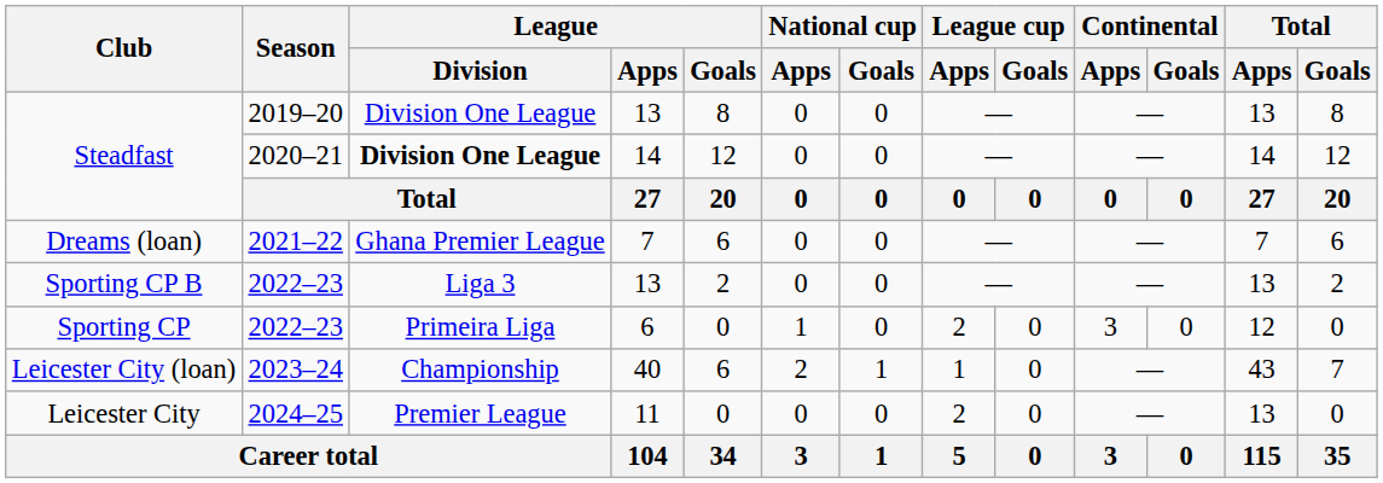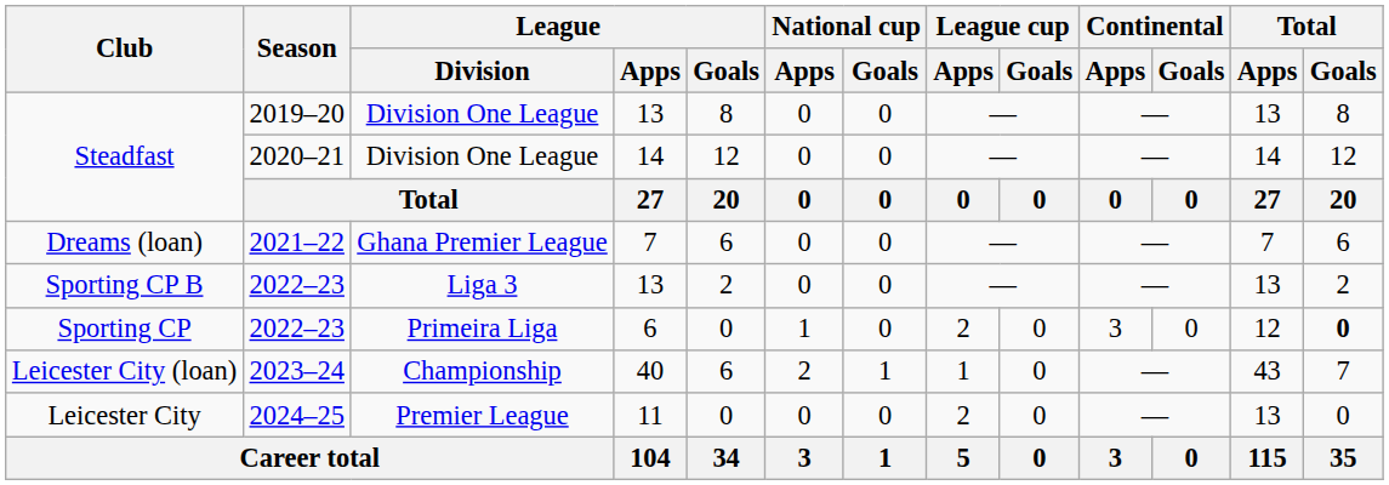 <table class="wikitable" style="text-align:center">
 <tr>
 <th rowspan="2">Club</th>
 <th rowspan="2">Season</th>
 <th colspan="3">League</th>
 <th colspan="2">National cup</th>
 <th colspan="2">League cup</th>
 <th colspan="2">Continental</th>
 <th colspan="2">Total</th>
 </tr>
 <tr>
 <th>Division</th>
 <th>Apps</th>
 <th>Goals</th>
 <th>Apps</th>
 <th>Goals</th>
 <th>Apps</th>
 <th>Goals</th>
 <th>Apps</th>
 <th>Goals</th>
 <th>Apps</th>
 <th>Goals</th>
 </tr>
 <tr>
 <td rowspan="3"><a href='#'>Steadfast</a></td>
 <td>2019–20</td>
 <td><a href='#'>Division One League</a></td>
 <td>13</td>
 <td>8</td>
 <td>0</td>
 <td>0</td>
 <td colspan="2">—</td>
 <td colspan="2">—</td>
 <td>13</td>
 <td>8</td>
 </tr>
 <tr>
 <td>2020–21</td>
-<td><strong>Division One League</strong></td>
+<td>Division One League</td>
 <td>14</td>
 <td>12</td>
 <td>0</td>
 <td>0</td>
 <td colspan="2">—</td>
 <td colspan="2">—</td>
 <td>14</td>
 <td>12</td>
 </tr>
 <tr>
 <th colspan="2">Total</th>
 <th>27</th>
 <th>20</th>
 <th>0</th>
 <th>0</th>
 <th>0</th>
 <th>0</th>
 <th>0</th>
 <th>0</th>
 <th>27</th>
 <th>20</th>
 </tr>
 <tr>
 <td><a href='#'>Dreams</a> (loan)</td>
 <td><a href='#'>2021–22</a></td>
 <td><a href='#'>Ghana Premier League</a></td>
 <td>7</td>
 <td>6</td>
 <td>0</td>
 <td>0</td>
 <td colspan="2">—</td>
 <td colspan="2">—</td>
 <td>7</td>
 <td>6</td>
 </tr>
 <tr>
 <td><a href='#'>Sporting CP B</a></td>
 <td><a href='#'>2022–23</a></td>
 <td><a href='#'>Liga 3</a></td>
 <td>13</td>
 <td>2</td>
 <td>0</td>
 <td>0</td>
 <td colspan="2">—</td>
 <td colspan="2">—</td>
 <td>13</td>
 <td>2</td>
 </tr>
 <tr>
 <td><a href='#'>Sporting CP</a></td>
 <td><a href='#'>2022–23</a></td>
 <td><a href='#'>Primeira Liga</a></td>
 <td>6</td>
 <td>0</td>
 <td>1</td>
 <td>0</td>
 <td>2</td>
 <td>0</td>
 <td>3</td>
 <td>0</td>
 <td>12</td>
-<td>0</td>
+<td><strong>0</strong></td>
 </tr>
 <tr>
 <td><a href='#'>Leicester City</a> (loan)</td>
 <td><a href='#'>2023–24</a></td>
 <td><a href='#'>Championship</a></td>
 <td>40</td>
 <td>6</td>
 <td>2</td>
 <td>1</td>
 <td>1</td>
 <td>0</td>
 <td colspan="2">—</td>
 <td>43</td>
 <td>7</td>
 </tr>
 <tr>
 <td>Leicester City</td>
 <td><a href='#'>2024–25</a></td>
 <td><a href='#'>Premier League</a></td>
 <td>11</td>
 <td>0</td>
 <td>0</td>
 <td>0</td>
 <td>2</td>
 <td>0</td>
 <td colspan="2">—</td>
 <td>13</td>
 <td>0</td>
 </tr>
 <tr>
 <th colspan="3">Career total</th>
 <th>104</th>
 <th>34</th>
 <th>3</th>
 <th>1</th>
 <th>5</th>
 <th>0</th>
 <th>3</th>
 <th>0</th>
 <th>115</th>
 <th>35</th>
 </tr>
 </table>
